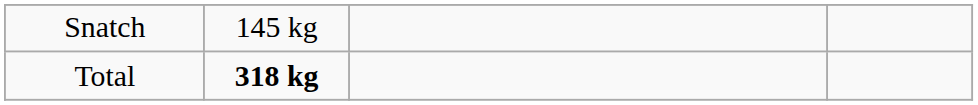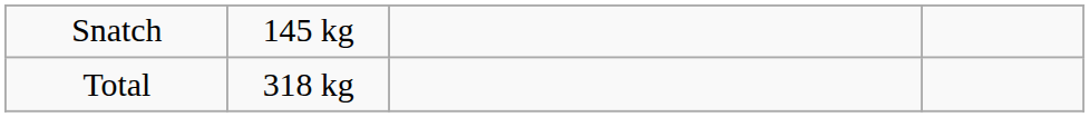 <table class = "wikitable" style="text-align:center;">
 <tr>
 <td width=100>Snatch</td>
 <td width=70>145 kg</td>
 <td width=250 align=left></td>
 <td width=70></td>
 </tr>
 <tr>
 <td>Total</td>
-<td><strong>318 kg</strong></td>
+<td>318 kg</td>
 <td align=left></td>
 <td></td>
 </tr>
 </table>
